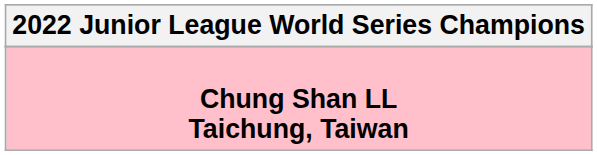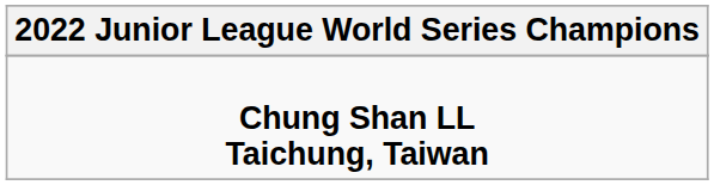 <table class="wikitable" style="text-align: center; margin: 0 auto;">
 <tr>
 <th>2022 Junior League World Series Champions</th>
 </tr>
 <tr>
 </tr>
 <tr>
-<td style="background: pink;"><br><strong>Chung Shan LL</strong><br><strong>Taichung, Taiwan</strong></td>
+<td><br><strong>Chung Shan LL</strong><br><strong>Taichung, Taiwan</strong></td>
 </tr>
 </table>
